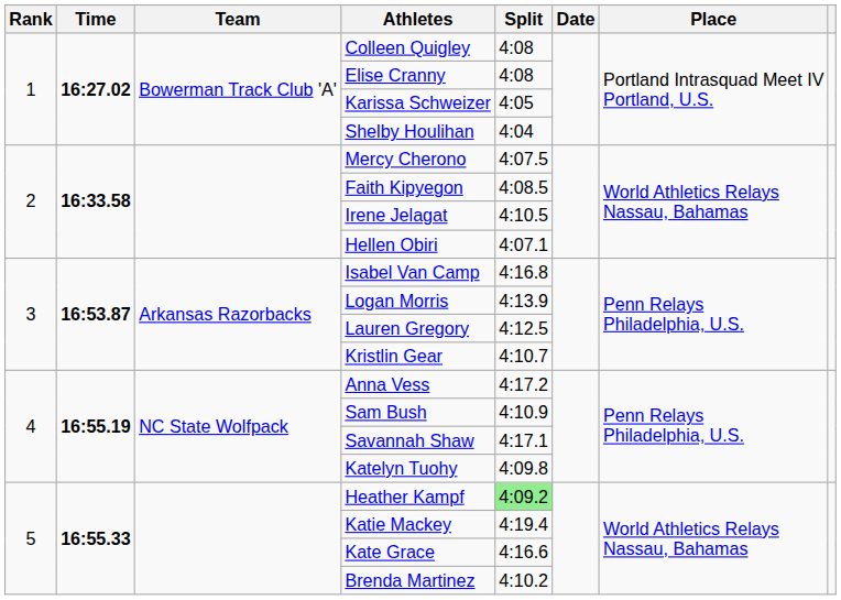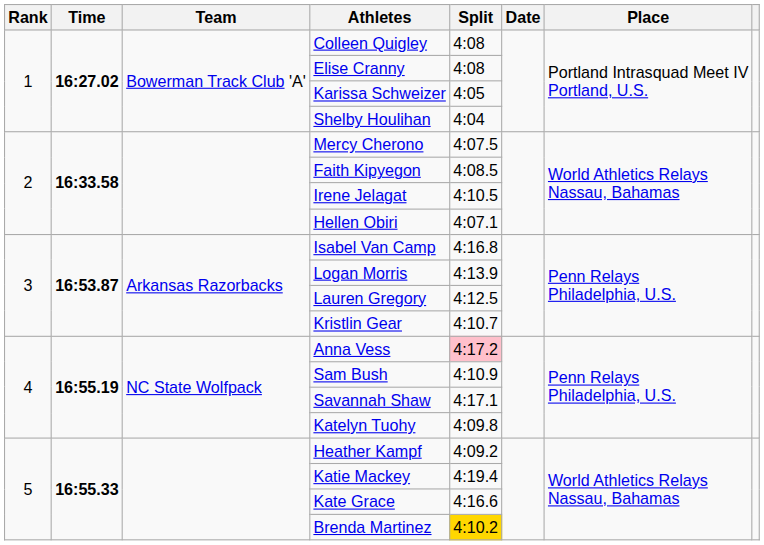 <table class="wikitable sortable" style="font-size:95%;">
 <tr>
 <th>Rank</th>
 <th>Time</th>
 <th>Team</th>
 <th>Athletes</th>
 <th>Split</th>
 <th>Date</th>
 <th>Place</th>
 <th></th>
 </tr>
 <tr>
 <td rowspan=4 align=center>1</td>
 <td rowspan=4><strong>16:27.02</strong></td>
 <td rowspan=4><a href='#'>Bowerman Track Club</a> 'A'<br></td>
 <td><a href='#'>Colleen Quigley</a></td>
 <td>4:08</td>
 <td rowspan=4></td>
 <td rowspan=4>Portland Intrasquad Meet IV<br><a href='#'>Portland, U.S.</a></td>
 <td rowspan=4></td>
 </tr>
 <tr>
 <td><a href='#'>Elise Cranny</a></td>
 <td>4:08</td>
 </tr>
 <tr>
 <td><a href='#'>Karissa Schweizer</a></td>
 <td>4:05</td>
 </tr>
 <tr>
 <td><a href='#'>Shelby Houlihan</a></td>
 <td>4:04</td>
 </tr>
 <tr>
 <td rowspan=4 align=center>2</td>
 <td rowspan=4><strong>16:33.58</strong></td>
 <td rowspan=4></td>
 <td><a href='#'>Mercy Cherono</a></td>
 <td>4:07.5</td>
 <td rowspan=4><a href='#'></a></td>
 <td rowspan=4><a href='#'>World Athletics Relays</a><br><a href='#'>Nassau, Bahamas</a></td>
 <td rowspan=4></td>
 </tr>
 <tr>
 <td><a href='#'>Faith Kipyegon</a></td>
 <td>4:08.5</td>
 </tr>
 <tr>
 <td><a href='#'>Irene Jelagat</a></td>
 <td>4:10.5</td>
 </tr>
 <tr>
 <td><a href='#'>Hellen Obiri</a></td>
 <td>4:07.1</td>
 </tr>
 <tr>
 <td rowspan=4 align=center>3</td>
 <td rowspan=4><strong>16:53.87</strong></td>
 <td rowspan=4><a href='#'>Arkansas Razorbacks</a><br></td>
 <td><a href='#'>Isabel Van Camp</a></td>
 <td>4:16.8</td>
 <td rowspan=4></td>
 <td rowspan=4><a href='#'>Penn Relays</a><br><a href='#'>Philadelphia, U.S.</a></td>
 <td rowspan=4></td>
 </tr>
 <tr>
 <td><a href='#'>Logan Morris</a></td>
 <td>4:13.9</td>
 </tr>
 <tr>
 <td><a href='#'>Lauren Gregory</a></td>
 <td>4:12.5</td>
 </tr>
 <tr>
 <td><a href='#'>Kristlin Gear</a></td>
 <td>4:10.7</td>
 </tr>
 <tr>
 <td rowspan=4 align=center>4</td>
 <td rowspan=4><strong>16:55.19</strong></td>
 <td rowspan=4><a href='#'>NC State Wolfpack</a><br></td>
 <td><a href='#'>Anna Vess</a></td>
-<td>4:17.2</td>
+<td style="background: pink;">4:17.2</td>
 <td rowspan=4></td>
 <td rowspan=4><a href='#'>Penn Relays</a><br><a href='#'>Philadelphia, U.S.</a></td>
 <td rowspan=4></td>
 </tr>
 <tr>
 <td><a href='#'>Sam Bush</a></td>
 <td>4:10.9</td>
 </tr>
 <tr>
 <td><a href='#'>Savannah Shaw</a></td>
 <td>4:17.1</td>
 </tr>
 <tr>
 <td><a href='#'>Katelyn Tuohy</a></td>
 <td>4:09.8</td>
 </tr>
 <tr>
 <td rowspan=4 align=center>5</td>
 <td rowspan=4><strong>16:55.33</strong></td>
 <td rowspan=4></td>
 <td><a href='#'>Heather Kampf</a></td>
-<td style="background: lightgreen;">4:09.2</td>
+<td>4:09.2</td>
 <td rowspan=4><a href='#'></a></td>
 <td rowspan=4><a href='#'>World Athletics Relays</a><br><a href='#'>Nassau, Bahamas</a></td>
 <td rowspan=4></td>
 </tr>
 <tr>
 <td><a href='#'>Katie Mackey</a></td>
 <td>4:19.4</td>
 </tr>
 <tr>
 <td><a href='#'>Kate Grace</a></td>
 <td>4:16.6</td>
 </tr>
 <tr>
 <td><a href='#'>Brenda Martinez</a></td>
-<td>4:10.2</td>
+<td style="background: gold;">4:10.2</td>
 </tr>
 </table>
